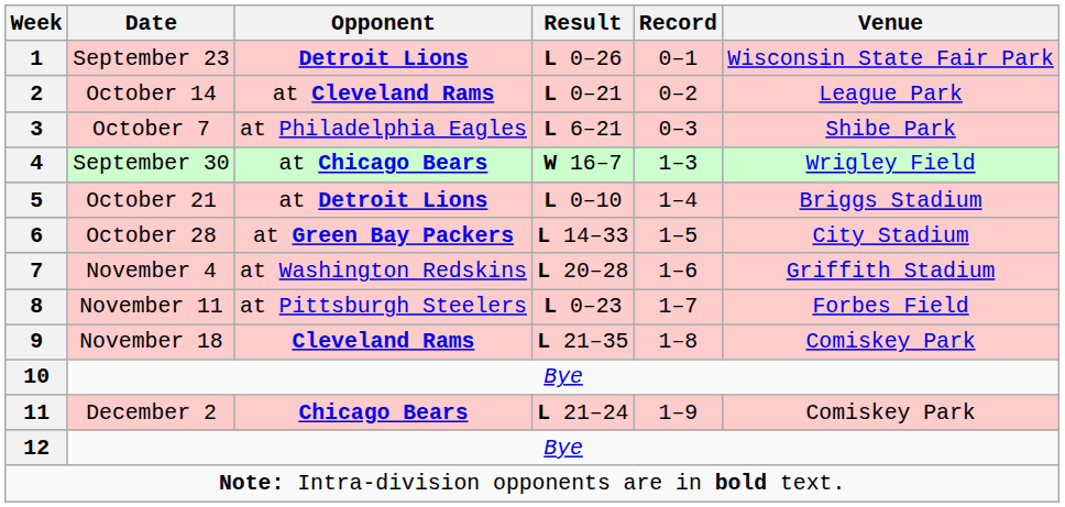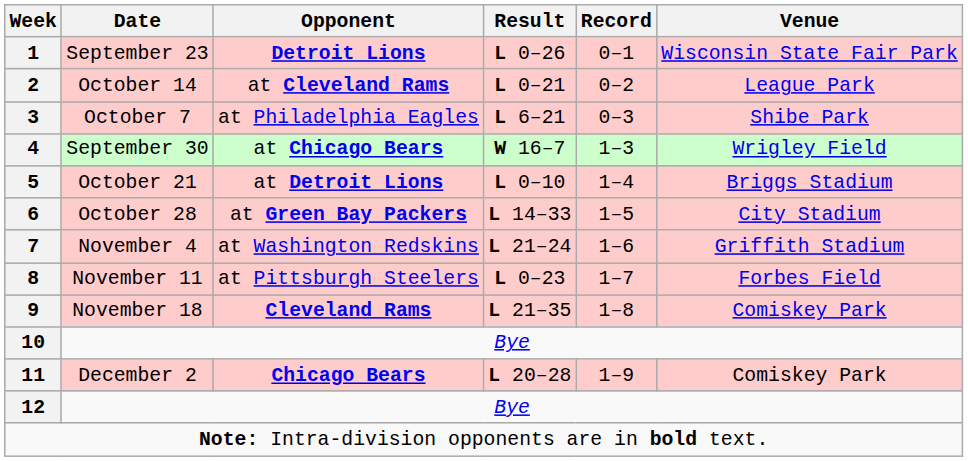 <table class="wikitable" style="text-align:center">
 <tr>
 <th>Week</th>
 <th>Date</th>
 <th>Opponent</th>
 <th>Result</th>
 <th>Record</th>
 <th>Venue</th>
 </tr>
 <tr style="background:#fcc">
 <th>1</th>
 <td>September 23</td>
 <td><strong><a href='#'>Detroit Lions</a></strong></td>
 <td><strong>L</strong> 0–26</td>
 <td>0–1</td>
 <td><a href='#'>Wisconsin State Fair Park</a></td>
 </tr>
 <tr style="background:#fcc">
 <th>2</th>
 <td>October 14</td>
 <td>at <strong><a href='#'>Cleveland Rams</a></strong></td>
 <td><strong>L</strong> 0–21</td>
 <td>0–2</td>
 <td><a href='#'>League Park</a></td>
 </tr>
 <tr style="background:#fcc">
 <th>3</th>
 <td>October 7</td>
 <td>at <a href='#'>Philadelphia Eagles</a></td>
 <td><strong>L</strong> 6–21</td>
 <td>0–3</td>
 <td><a href='#'>Shibe Park</a></td>
 </tr>
 <tr style="background:#cfc">
 <th>4</th>
 <td>September 30</td>
 <td>at <strong><a href='#'>Chicago Bears</a></strong></td>
 <td><strong>W</strong> 16–7</td>
 <td>1–3</td>
 <td><a href='#'>Wrigley Field</a></td>
 </tr>
 <tr style="background:#fcc">
 <th>5</th>
 <td>October 21</td>
 <td>at <strong><a href='#'>Detroit Lions</a></strong></td>
 <td><strong>L</strong> 0–10</td>
 <td>1–4</td>
 <td><a href='#'>Briggs Stadium</a></td>
 </tr>
 <tr style="background:#fcc">
 <th>6</th>
 <td>October 28</td>
 <td>at <strong><a href='#'>Green Bay Packers</a></strong></td>
 <td><strong>L</strong> 14–33</td>
 <td>1–5</td>
 <td><a href='#'>City Stadium</a></td>
 </tr>
 <tr style="background:#fcc">
 <th>7</th>
 <td>November 4</td>
 <td>at <a href='#'>Washington Redskins</a></td>
-<td><strong>L</strong> 20–28</td>
+<td><strong>L</strong> 21–24</td>
 <td>1–6</td>
 <td><a href='#'>Griffith Stadium</a></td>
 </tr>
 <tr style="background:#fcc">
 <th>8</th>
 <td>November 11</td>
 <td>at <a href='#'>Pittsburgh Steelers</a></td>
 <td><strong>L</strong> 0–23</td>
 <td>1–7</td>
 <td><a href='#'>Forbes Field</a></td>
 </tr>
 <tr style="background:#fcc">
 <th>9</th>
 <td>November 18</td>
 <td><strong><a href='#'>Cleveland Rams</a></strong></td>
 <td><strong>L</strong> 21–35</td>
 <td>1–8</td>
 <td><a href='#'>Comiskey Park</a></td>
 </tr>
 <tr>
 <th>10</th>
 <td colspan="7"><em><a href='#'>Bye</a></em></td>
 </tr>
 <tr style="background:#fcc">
 <th>11</th>
 <td>December 2</td>
 <td><strong><a href='#'>Chicago Bears</a></strong></td>
-<td><strong>L</strong> 21–24</td>
+<td><strong>L</strong> 20–28</td>
 <td>1–9</td>
 <td>Comiskey Park</td>
 </tr>
 <tr>
 <th>12</th>
 <td colspan="7"><em><a href='#'>Bye</a></em></td>
 </tr>
 <tr>
 <td colspan="8"><strong>Note:</strong> Intra-division opponents are in <strong>bold</strong> text.</td>
 </tr>
 </table>
